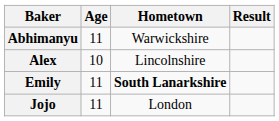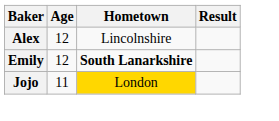 <table class="wikitable sortable" style="display:inline-table; text-align:center">
 <tr>
 <th scope="col">Baker</th>
 <th scope="col">Age</th>
 <th scope="col">Hometown</th>
 <th scope="col">Result</th>
 </tr>
 <tr>
-<th scope="row">Abhimanyu</th>
-<td>11</td>
-<td>Warwickshire</td>
-<td></td>
-</tr>
-<tr>
 <th scope="row">Alex</th>
-<td>10</td>
+<td>12</td>
 <td>Lincolnshire</td>
 <td></td>
 </tr>
 <tr>
 <th scope="row">Emily</th>
-<td>11</td>
+<td>12</td>
 <td><strong>South Lanarkshire</strong></td>
 <td></td>
 </tr>
 <tr>
 <th scope="row">Jojo</th>
 <td>11</td>
-<td>London</td>
+<td style="background: gold;">London</td>
 <td></td>
 </tr>
 </table>
